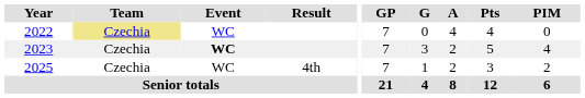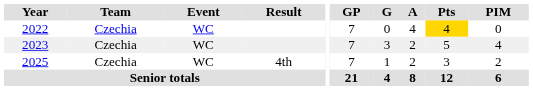 <table border="0" cellpadding="1" cellspacing="0" ID="Table3" style="text-align:center; width:40em">
 <tr ALIGN="center" bgcolor="#e0e0e0">
 <th>Year</th>
 <th>Team</th>
 <th>Event</th>
 <th>Result</th>
 <th rowspan="99" bgcolor="#ffffff"></th>
 <th>GP</th>
 <th>G</th>
 <th>A</th>
 <th>Pts</th>
 <th>PIM</th>
 </tr>
 <tr>
 <td><a href='#'>2022</a></td>
-<td style="background: khaki;"><a href='#'>Czechia</a></td>
+<td><a href='#'>Czechia</a></td>
 <td><a href='#'>WC</a></td>
 <td></td>
 <td>7</td>
 <td>0</td>
 <td>4</td>
-<td>4</td>
+<td style="background: gold;">4</td>
 <td>0</td>
 </tr>
 <tr bgcolor="#f0f0f0">
 <td><a href='#'>2023</a></td>
 <td>Czechia</td>
-<td><strong>WC</strong></td>
+<td>WC</td>
 <td></td>
 <td>7</td>
 <td>3</td>
 <td>2</td>
 <td>5</td>
 <td>4</td>
 </tr>
 <tr>
 <td><a href='#'>2025</a></td>
 <td>Czechia</td>
 <td>WC</td>
 <td>4th</td>
 <td>7</td>
 <td>1</td>
 <td>2</td>
 <td>3</td>
 <td>2</td>
 </tr>
 <tr bgcolor="#e0e0e0">
 <th colspan="4">Senior totals</th>
 <th>21</th>
 <th>4</th>
 <th>8</th>
 <th>12</th>
 <th>6</th>
 </tr>
 </table>
